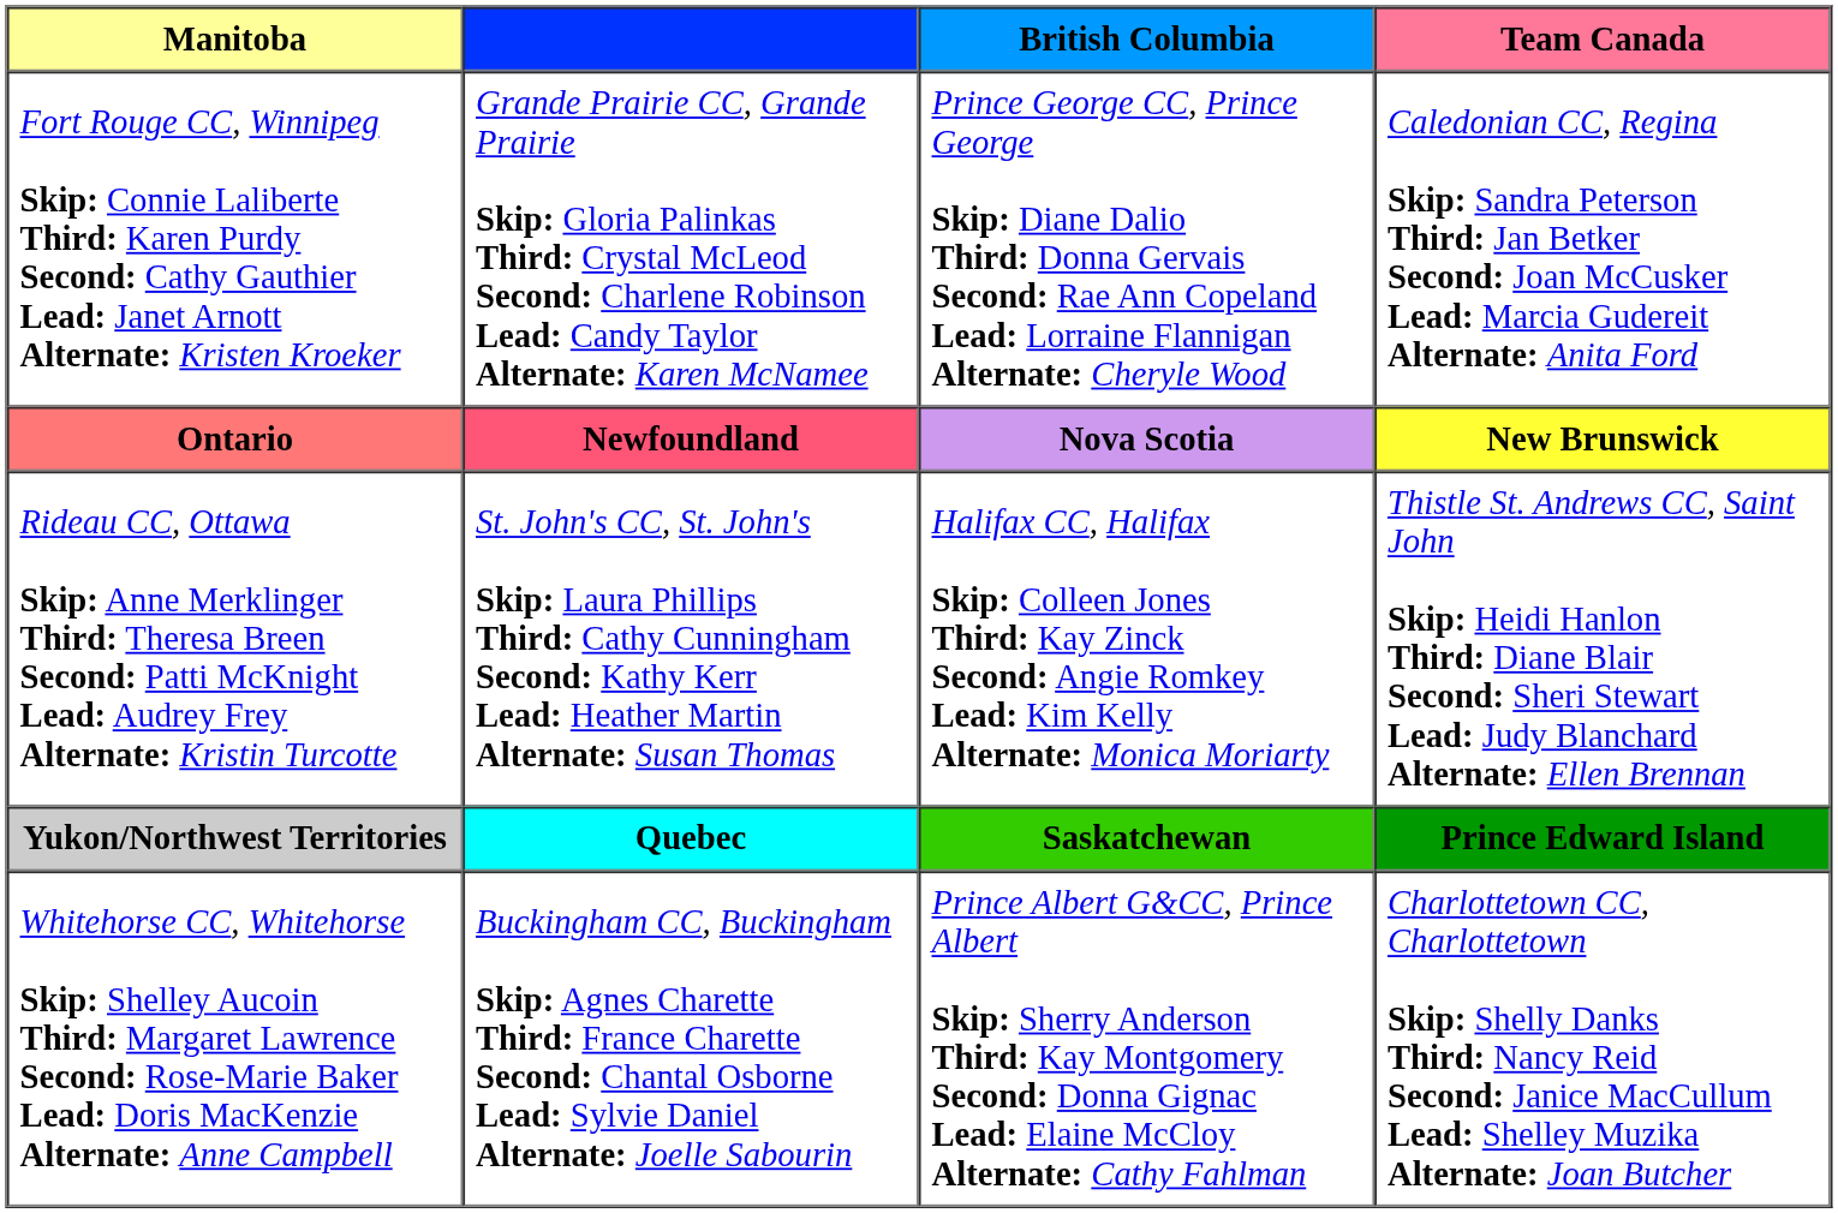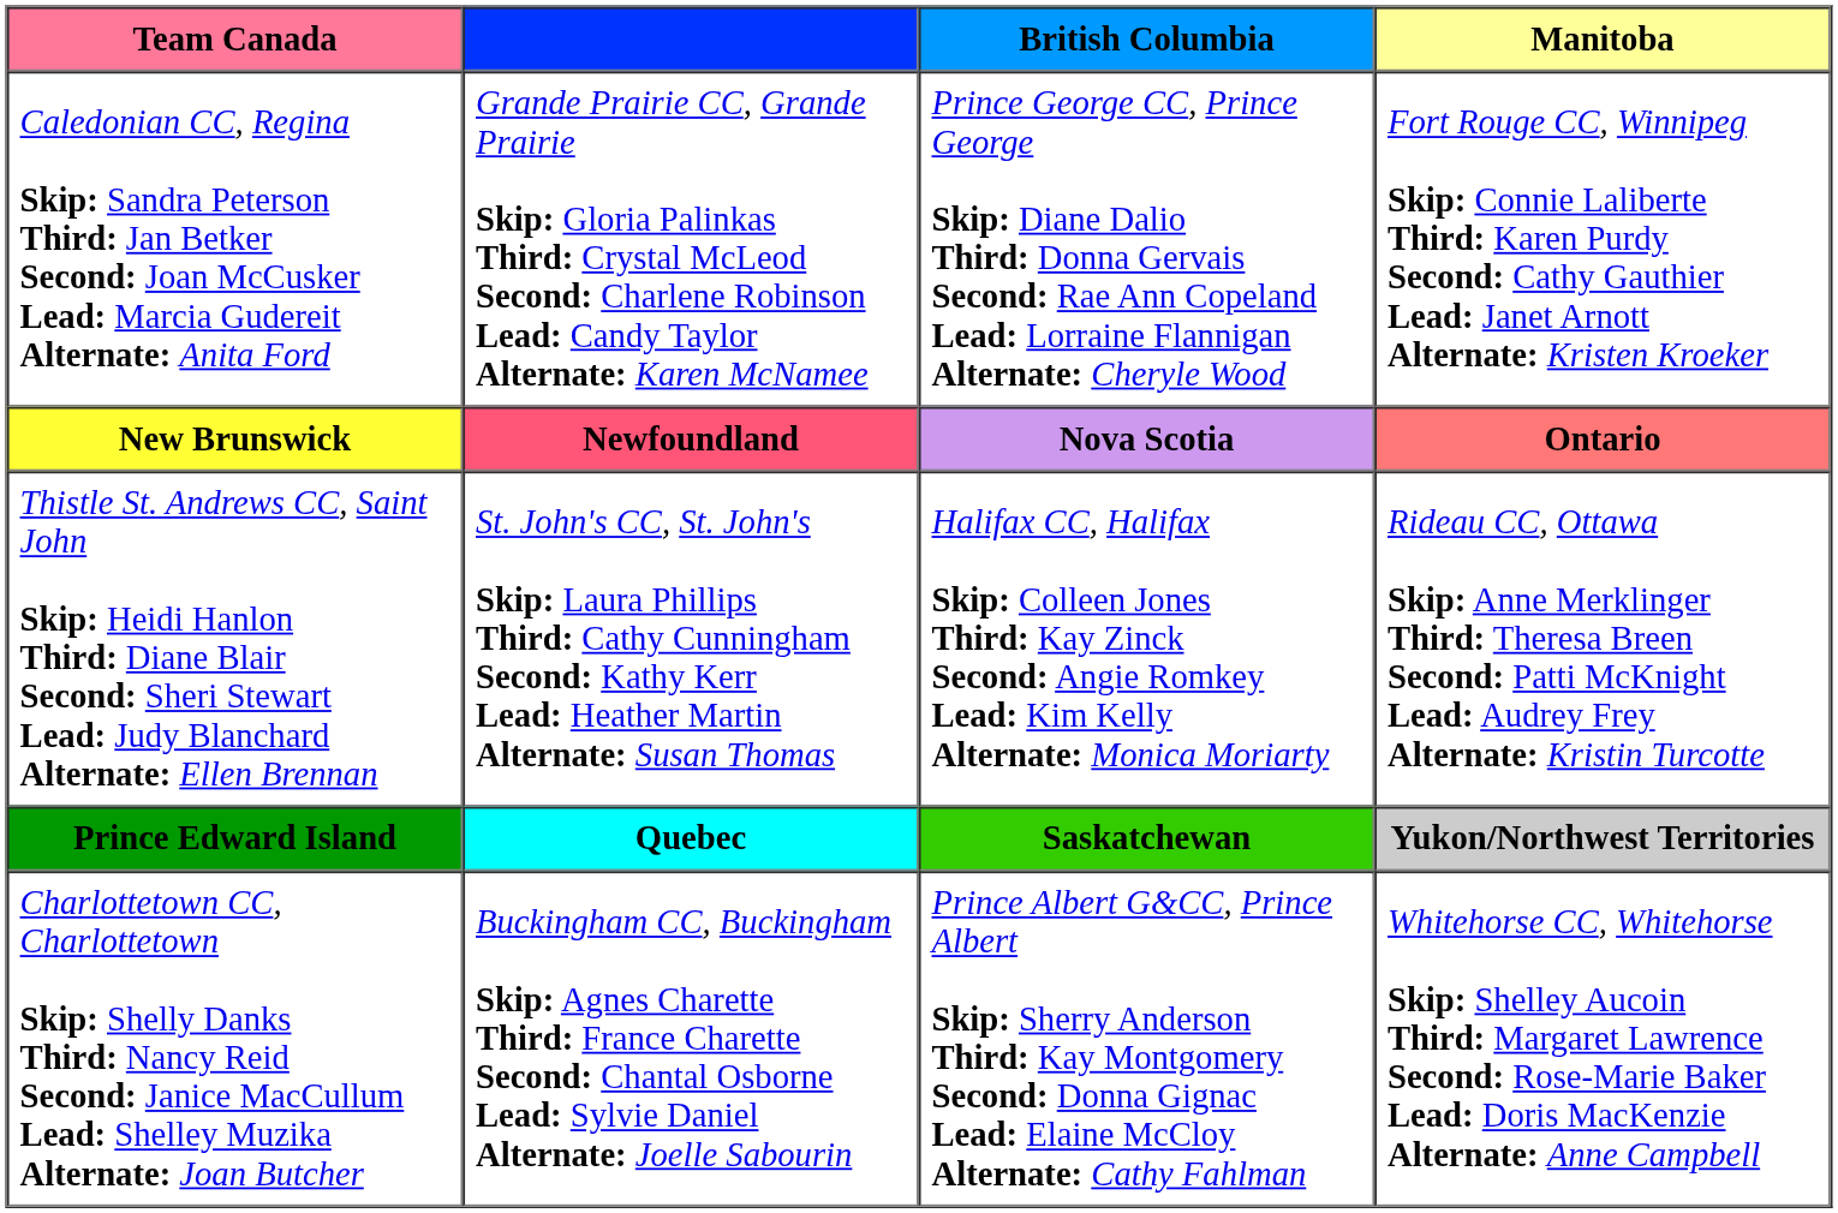 <table border=1 cellpadding=5 cellspacing=0>
 <tr>
-<th bgcolor="#ffff99" width="200">Manitoba</th>
+<th bgcolor="#ff7799" width="200">Team Canada</th>
 <th bgcolor="#0033ff" width="200"></th>
 <th bgcolor="#0099ff" width="200">British Columbia</th>
-<th bgcolor="#ff7799" width="200">Team Canada</th>
+<th bgcolor="#ffff99" width="200">Manitoba</th>
 </tr>
 <tr align=center>
-<td align=left><em><a href='#'>Fort Rouge CC</a>, <a href='#'>Winnipeg</a></em> <br><br><strong>Skip:</strong>  <a href='#'>Connie Laliberte</a><br> <strong>Third:</strong> <a href='#'>Karen Purdy</a><br> <strong>Second:</strong> <a href='#'>Cathy Gauthier</a><br> <strong>Lead:</strong> <a href='#'>Janet Arnott</a><br> <strong>Alternate:</strong> <em><a href='#'>Kristen Kroeker</a></em></td>
+<td align=left><em><a href='#'>Caledonian CC</a>, <a href='#'>Regina</a></em><br><br><strong>Skip:</strong>  <a href='#'>Sandra Peterson</a><br> <strong>Third:</strong> <a href='#'>Jan Betker</a><br> <strong>Second:</strong> <a href='#'>Joan McCusker</a><br> <strong>Lead:</strong> <a href='#'>Marcia Gudereit</a><br> <strong>Alternate:</strong> <em><a href='#'>Anita Ford</a></em></td>
 <td align=left><em><a href='#'>Grande Prairie CC</a>, <a href='#'>Grande Prairie</a></em><br><br><strong>Skip:</strong>  <a href='#'>Gloria Palinkas</a><br> <strong>Third:</strong> <a href='#'>Crystal McLeod</a><br> <strong>Second:</strong> <a href='#'>Charlene Robinson</a><br> <strong>Lead:</strong> <a href='#'>Candy Taylor</a><br> <strong>Alternate:</strong> <em><a href='#'>Karen McNamee</a></em></td>
 <td align=left><em><a href='#'>Prince George CC</a>, <a href='#'>Prince George</a></em> <br><br><strong>Skip:</strong>  <a href='#'>Diane Dalio</a><br> <strong>Third:</strong> <a href='#'>Donna Gervais</a><br> <strong>Second:</strong> <a href='#'>Rae Ann Copeland</a><br> <strong>Lead:</strong> <a href='#'>Lorraine Flannigan</a><br> <strong>Alternate:</strong> <em><a href='#'>Cheryle Wood</a></em></td>
-<td align=left><em><a href='#'>Caledonian CC</a>, <a href='#'>Regina</a></em><br><br><strong>Skip:</strong>  <a href='#'>Sandra Peterson</a><br> <strong>Third:</strong> <a href='#'>Jan Betker</a><br> <strong>Second:</strong> <a href='#'>Joan McCusker</a><br> <strong>Lead:</strong> <a href='#'>Marcia Gudereit</a><br> <strong>Alternate:</strong> <em><a href='#'>Anita Ford</a></em></td>
+<td align=left><em><a href='#'>Fort Rouge CC</a>, <a href='#'>Winnipeg</a></em> <br><br><strong>Skip:</strong>  <a href='#'>Connie Laliberte</a><br> <strong>Third:</strong> <a href='#'>Karen Purdy</a><br> <strong>Second:</strong> <a href='#'>Cathy Gauthier</a><br> <strong>Lead:</strong> <a href='#'>Janet Arnott</a><br> <strong>Alternate:</strong> <em><a href='#'>Kristen Kroeker</a></em></td>
 </tr>
 <tr border=1 cellpadding=5 cellspacing=0>
-<th bgcolor="#ff7777" width="200">Ontario</th>
+<th bgcolor="#ffff33" width="200">New Brunswick</th>
 <th bgcolor="#ff5577" width="200">Newfoundland</th>
 <th bgcolor="#cc99ee" width="200">Nova Scotia</th>
-<th bgcolor="#ffff33" width="200">New Brunswick</th>
+<th bgcolor="#ff7777" width="200">Ontario</th>
 </tr>
 <tr align=center>
-<td align=left><em><a href='#'>Rideau CC</a>, <a href='#'>Ottawa</a></em><br><br><strong>Skip:</strong>  <a href='#'>Anne Merklinger</a><br> <strong>Third:</strong> <a href='#'>Theresa Breen</a><br> <strong>Second:</strong> <a href='#'>Patti McKnight</a><br> <strong>Lead:</strong> <a href='#'>Audrey Frey</a><br> <strong>Alternate:</strong> <em><a href='#'>Kristin Turcotte</a></em></td>
+<td align=left><em><a href='#'>Thistle St. Andrews CC</a>, <a href='#'>Saint John</a></em><br><br><strong>Skip:</strong>  <a href='#'>Heidi Hanlon</a><br> <strong>Third:</strong> <a href='#'>Diane Blair</a><br> <strong>Second:</strong> <a href='#'>Sheri Stewart</a><br> <strong>Lead:</strong> <a href='#'>Judy Blanchard</a><br> <strong>Alternate:</strong> <em><a href='#'>Ellen Brennan</a></em></td>
 <td align=left><em><a href='#'>St. John's CC</a>, <a href='#'>St. John's</a></em><br><br><strong>Skip:</strong>  <a href='#'>Laura Phillips</a> <br> <strong>Third:</strong> <a href='#'>Cathy Cunningham</a><br> <strong>Second:</strong> <a href='#'>Kathy Kerr</a><br> <strong>Lead:</strong> <a href='#'>Heather Martin</a><br> <strong>Alternate:</strong> <em><a href='#'>Susan Thomas</a></em></td>
 <td align=left><em><a href='#'>Halifax CC</a>, <a href='#'>Halifax</a></em><br><br><strong>Skip:</strong>  <a href='#'>Colleen Jones</a><br> <strong>Third:</strong> <a href='#'>Kay Zinck</a><br> <strong>Second:</strong> <a href='#'>Angie Romkey</a><br> <strong>Lead:</strong> <a href='#'>Kim Kelly</a><br> <strong>Alternate:</strong> <em><a href='#'>Monica Moriarty</a></em></td>
-<td align=left><em><a href='#'>Thistle St. Andrews CC</a>, <a href='#'>Saint John</a></em><br><br><strong>Skip:</strong>  <a href='#'>Heidi Hanlon</a><br> <strong>Third:</strong> <a href='#'>Diane Blair</a><br> <strong>Second:</strong> <a href='#'>Sheri Stewart</a><br> <strong>Lead:</strong> <a href='#'>Judy Blanchard</a><br> <strong>Alternate:</strong> <em><a href='#'>Ellen Brennan</a></em></td>
+<td align=left><em><a href='#'>Rideau CC</a>, <a href='#'>Ottawa</a></em><br><br><strong>Skip:</strong>  <a href='#'>Anne Merklinger</a><br> <strong>Third:</strong> <a href='#'>Theresa Breen</a><br> <strong>Second:</strong> <a href='#'>Patti McKnight</a><br> <strong>Lead:</strong> <a href='#'>Audrey Frey</a><br> <strong>Alternate:</strong> <em><a href='#'>Kristin Turcotte</a></em></td>
 </tr>
 <tr border=1 cellpadding=5 cellspacing=0>
-<th bgcolor="#cccccc" width="200">Yukon/Northwest Territories</th>
+<th bgcolor="#009900" width="200">Prince Edward Island</th>
 <th bgcolor="#00ffff" width="200">Quebec</th>
 <th bgcolor="#33cc00" width="200">Saskatchewan</th>
-<th bgcolor="#009900" width="200">Prince Edward Island</th>
+<th bgcolor="#cccccc" width="200">Yukon/Northwest Territories</th>
 </tr>
 <tr align=center>
-<td align=left><em><a href='#'>Whitehorse CC</a>, <a href='#'>Whitehorse</a></em><br><br><strong>Skip:</strong>  <a href='#'>Shelley Aucoin</a><br> <strong>Third:</strong> <a href='#'>Margaret Lawrence</a><br> <strong>Second:</strong> <a href='#'>Rose-Marie Baker</a><br> <strong>Lead:</strong> <a href='#'>Doris MacKenzie</a><br> <strong>Alternate:</strong> <em><a href='#'>Anne Campbell</a></em></td>
+<td align=left><em><a href='#'>Charlottetown CC</a>, <a href='#'>Charlottetown</a></em> <br><br><strong>Skip:</strong>  <a href='#'>Shelly Danks</a><br> <strong>Third:</strong> <a href='#'>Nancy Reid</a><br> <strong>Second:</strong> <a href='#'>Janice MacCullum</a><br> <strong>Lead:</strong> <a href='#'>Shelley Muzika</a><br> <strong>Alternate:</strong> <em><a href='#'>Joan Butcher</a></em></td>
 <td align=left><em><a href='#'>Buckingham CC</a>, <a href='#'>Buckingham</a></em><br><br><strong>Skip:</strong>  <a href='#'>Agnes Charette</a><br> <strong>Third:</strong> <a href='#'>France Charette</a><br> <strong>Second:</strong> <a href='#'>Chantal Osborne</a><br> <strong>Lead:</strong> <a href='#'>Sylvie Daniel</a><br> <strong>Alternate:</strong> <em><a href='#'>Joelle Sabourin</a></em></td>
 <td align=left><em><a href='#'>Prince Albert G&CC</a>, <a href='#'>Prince Albert</a></em><br><br><strong>Skip:</strong>  <a href='#'>Sherry Anderson</a><br> <strong>Third:</strong> <a href='#'>Kay Montgomery</a><br> <strong>Second:</strong> <a href='#'>Donna Gignac</a><br> <strong>Lead:</strong> <a href='#'>Elaine McCloy</a><br> <strong>Alternate:</strong> <em><a href='#'>Cathy Fahlman</a></em></td>
-<td align=left><em><a href='#'>Charlottetown CC</a>, <a href='#'>Charlottetown</a></em> <br><br><strong>Skip:</strong>  <a href='#'>Shelly Danks</a><br> <strong>Third:</strong> <a href='#'>Nancy Reid</a><br> <strong>Second:</strong> <a href='#'>Janice MacCullum</a><br> <strong>Lead:</strong> <a href='#'>Shelley Muzika</a><br> <strong>Alternate:</strong> <em><a href='#'>Joan Butcher</a></em></td>
+<td align=left><em><a href='#'>Whitehorse CC</a>, <a href='#'>Whitehorse</a></em><br><br><strong>Skip:</strong>  <a href='#'>Shelley Aucoin</a><br> <strong>Third:</strong> <a href='#'>Margaret Lawrence</a><br> <strong>Second:</strong> <a href='#'>Rose-Marie Baker</a><br> <strong>Lead:</strong> <a href='#'>Doris MacKenzie</a><br> <strong>Alternate:</strong> <em><a href='#'>Anne Campbell</a></em></td>
 </tr>
 </table>
